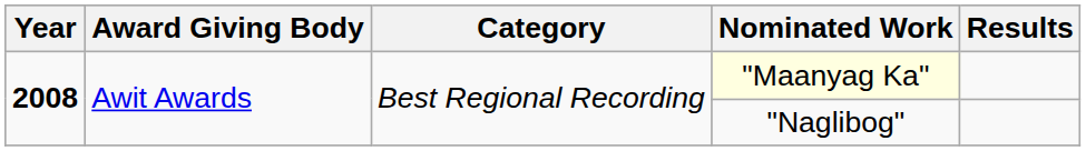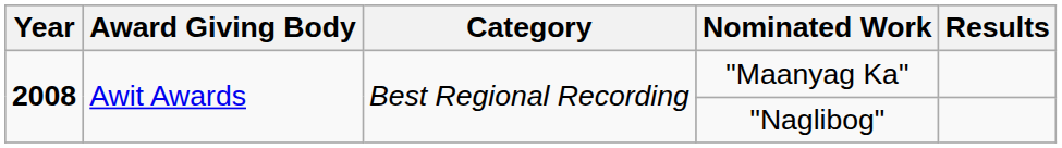 <table class="wikitable">
 <tr>
 <th>Year</th>
 <th>Award Giving Body</th>
 <th>Category</th>
 <th>Nominated Work</th>
 <th>Results</th>
 </tr>
 <tr>
 <td rowspan=2><strong>2008</strong></td>
 <td rowspan=2><a href='#'>Awit Awards</a></td>
 <td rowspan=2><em>Best Regional Recording</em></td>
-<td align="center" style="background: lightyellow;">"Maanyag Ka"</td>
+<td align="center">"Maanyag Ka"</td>
 <td></td>
 </tr>
 <tr>
 <td align=center>"Naglibog"</td>
 <td></td>
 </tr>
 </table>
